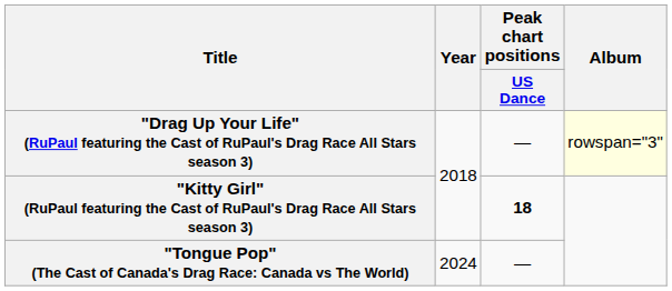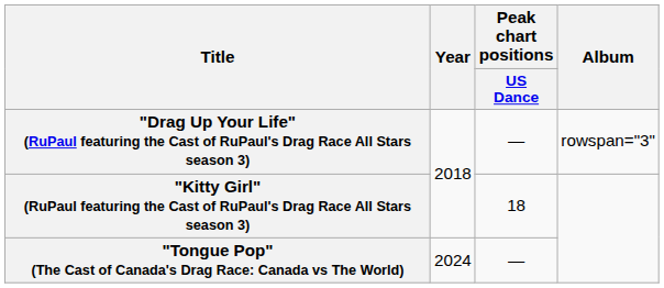 <table class="wikitable plainrowheaders" style="text-align:center;" border="1">
 <tr>
 <th scope="col" rowspan="2" style="width:25em;">Title</th>
 <th scope="col" rowspan="2">Year</th>
 <th scope="col" colspan="1">Peak chart positions</th>
 <th scope="col" rowspan="2">Album</th>
 </tr>
 <tr>
 <th scope="col" style="width:3em;font-size:90%;"><a href='#'>US<br>Dance</a><br></th>
 </tr>
 <tr>
 <th scope="row">"Drag Up Your Life"<br><small>(<a href='#'>RuPaul</a> featuring the Cast of RuPaul's Drag Race All Stars season 3)</small></th>
 <td rowspan="2">2018</td>
 <td>—</td>
-<td style="background: lightyellow;">rowspan="3" </td>
+<td>rowspan="3" </td>
 </tr>
 <tr>
 <th scope="row">"Kitty Girl"<br><small>(RuPaul featuring the Cast of RuPaul's Drag Race All Stars season 3)</small></th>
-<td><strong>18</strong></td>
+<td>18</td>
 </tr>
 <tr>
 <th scope="row">"Tongue Pop"<br><small>(The Cast of Canada's Drag Race: Canada vs The World)</small></th>
 <td rowspan="2">2024</td>
 <td>—</td>
 </tr>
 </table>
